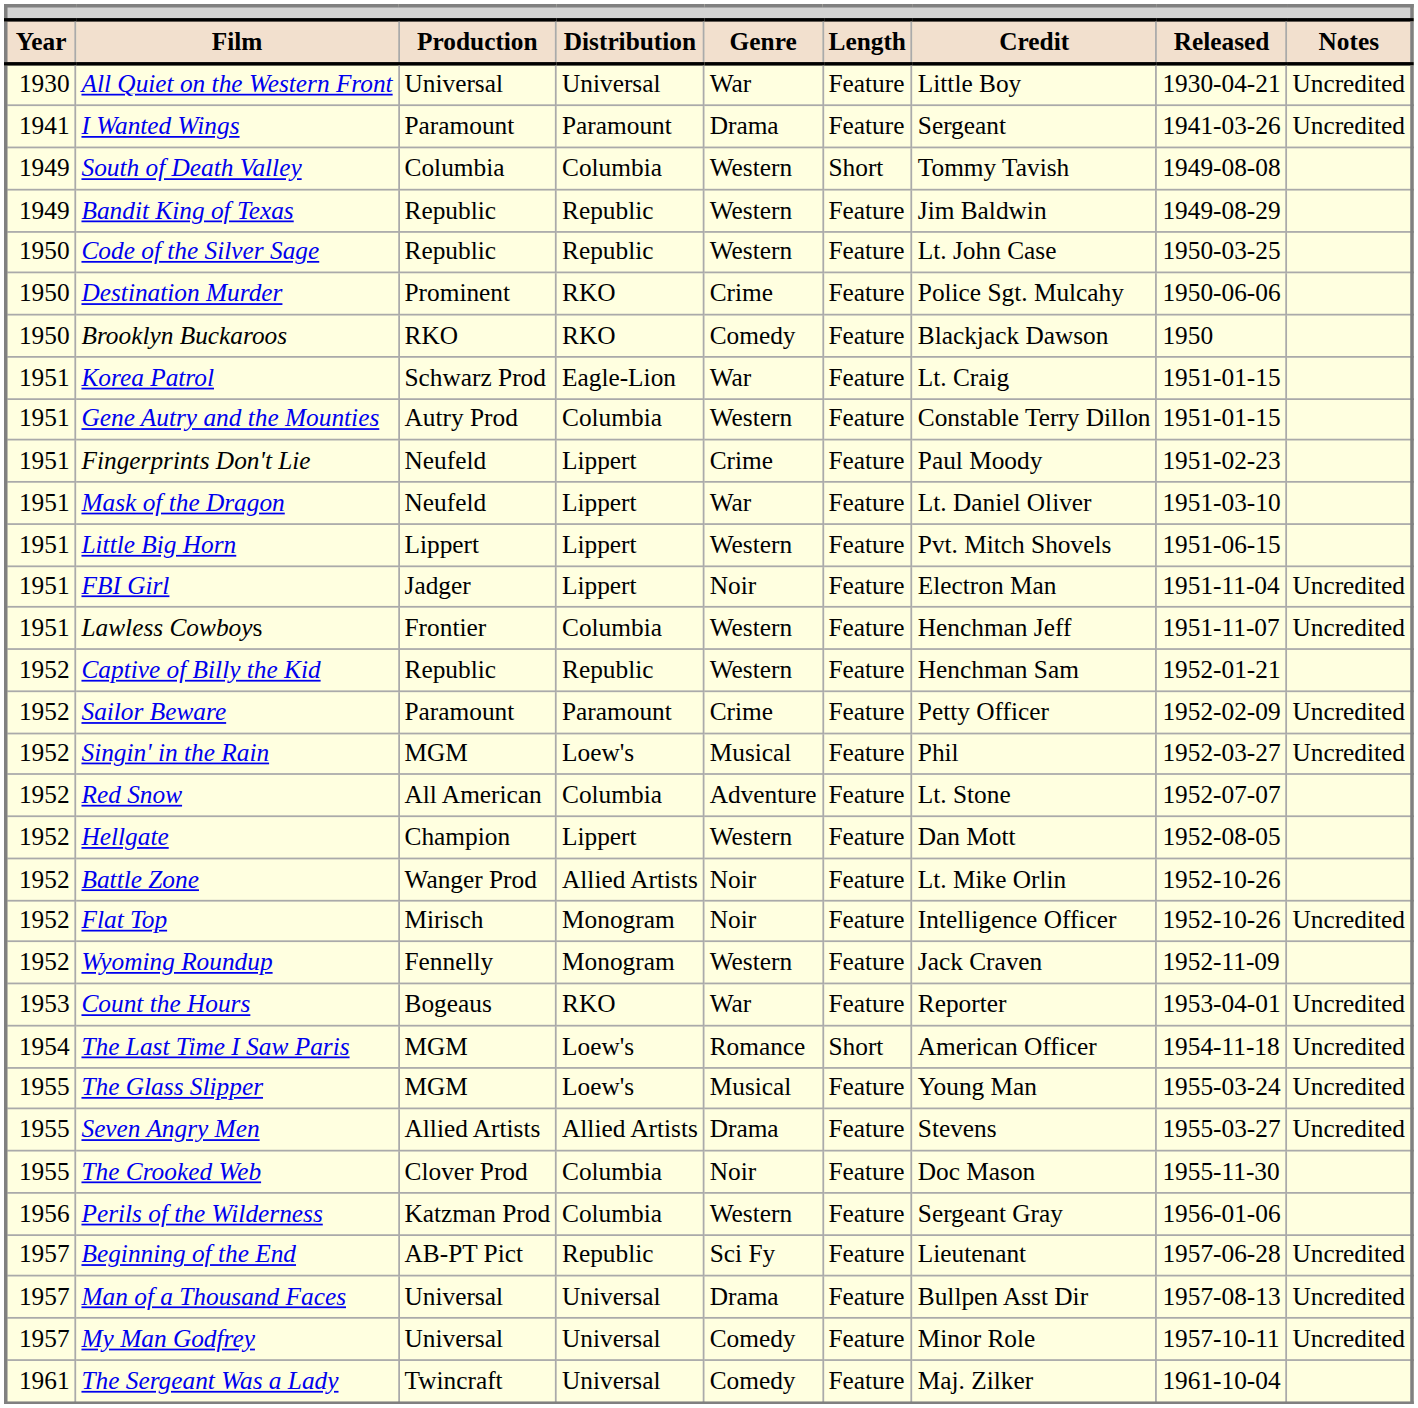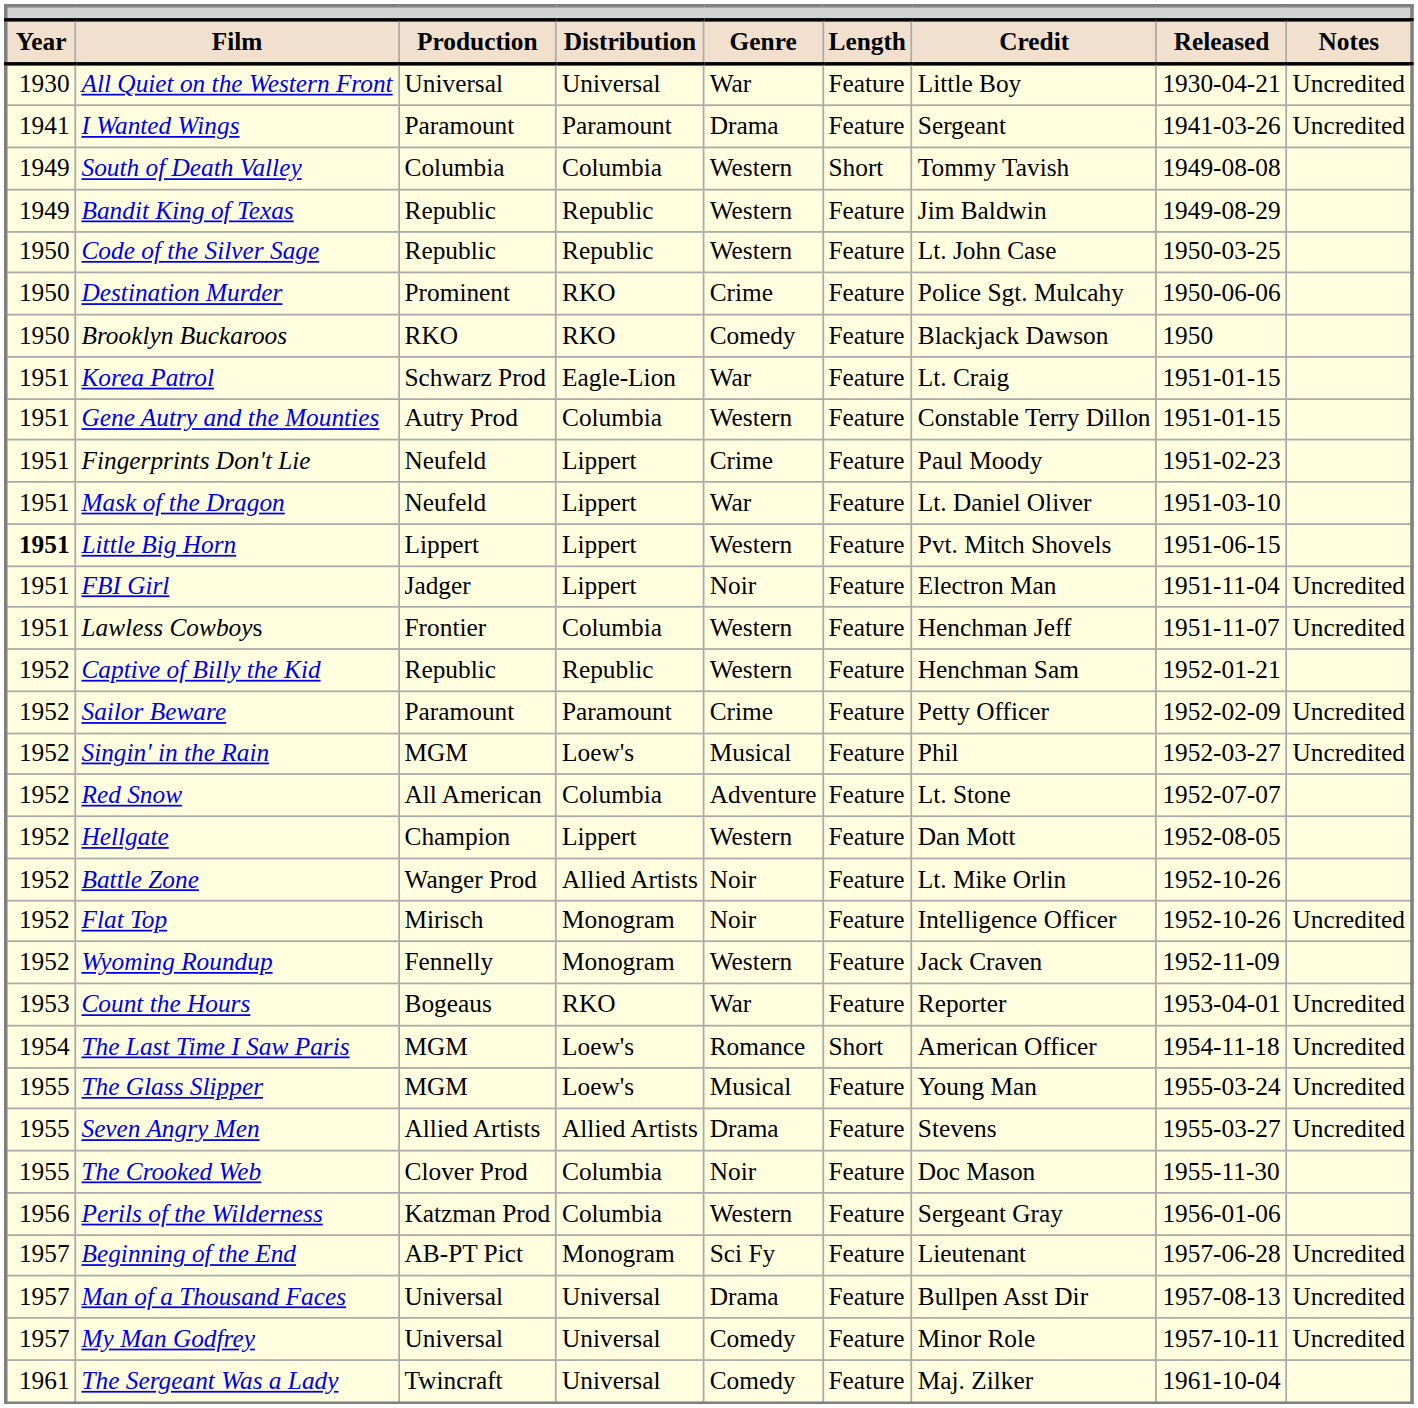 <table class="wikitable sortable mw-collapsible mw-collapsed" style="background:lightyellow; border:2px solid gray;font-size:90%">
 <tr>
 <th colspan="18" style="border:1px solid #808080;background:lightgrey;"></th>
 </tr>
 <tr>
 <th style="border-bottom:2px solid black;border-top:2px solid black;background:#F2E0CE">Year</th>
 <th style="border-bottom:2px solid black;border-top:2px solid black;background:#F2E0CE" class="unsortable">Film</th>
 <th style="border-bottom:2px solid black;border-top:2px solid black;background:#F2E0CE">Production</th>
 <th style="border-bottom:2px solid black;border-top:2px solid black;background:#F2E0CE">Distribution</th>
 <th style="border-bottom:2px solid black;border-top:2px solid black;background:#F2E0CE">Genre</th>
 <th style="border-bottom:2px solid black;border-top:2px solid black;background:#F2E0CE" class="unsortable">Length</th>
 <th style="border-bottom:2px solid black;border-top:2px solid black;background:#F2E0CE" class="unsortable">Credit</th>
 <th style="border-bottom:2px solid black;border-top:2px solid black;background:#F2E0CE">Released</th>
 <th style="border-bottom:2px solid black;border-top:2px solid black;background:#F2E0CE">Notes</th>
 </tr>
 <tr>
 <td> 1930</td>
 <td><em><a href='#'>All Quiet on the Western Front</a></em></td>
 <td>Universal</td>
 <td>Universal</td>
 <td>War</td>
 <td>Feature</td>
 <td>Little Boy</td>
 <td>1930-04-21</td>
 <td>Uncredited</td>
 </tr>
 <tr>
 <td> 1941</td>
 <td><em><a href='#'>I Wanted Wings</a></em></td>
 <td>Paramount</td>
 <td>Paramount</td>
 <td>Drama</td>
 <td>Feature</td>
 <td>Sergeant</td>
 <td>1941-03-26</td>
 <td>Uncredited</td>
 </tr>
 <tr>
 <td> 1949</td>
 <td><em><a href='#'>South of Death Valley</a></em></td>
 <td>Columbia</td>
 <td>Columbia</td>
 <td>Western</td>
 <td>Short</td>
 <td>Tommy Tavish</td>
 <td>1949-08-08</td>
 <td></td>
 </tr>
 <tr>
 <td> 1949</td>
 <td><em><a href='#'>Bandit King of Texas</a></em></td>
 <td>Republic</td>
 <td>Republic</td>
 <td>Western</td>
 <td>Feature</td>
 <td>Jim Baldwin</td>
 <td>1949-08-29</td>
 <td></td>
 </tr>
 <tr>
 <td> 1950</td>
 <td><em><a href='#'>Code of the Silver Sage</a></em></td>
 <td>Republic</td>
 <td>Republic</td>
 <td>Western</td>
 <td>Feature</td>
 <td>Lt. John Case</td>
 <td>1950-03-25</td>
 <td></td>
 </tr>
 <tr>
 <td> 1950</td>
 <td><em><a href='#'>Destination Murder</a></em></td>
 <td>Prominent</td>
 <td>RKO</td>
 <td>Crime</td>
 <td>Feature</td>
 <td>Police Sgt. Mulcahy</td>
 <td>1950-06-06</td>
 <td></td>
 </tr>
 <tr>
 <td> 1950</td>
 <td><em>Brooklyn Buckaroos</em></td>
 <td>RKO</td>
 <td>RKO</td>
 <td>Comedy</td>
 <td>Feature</td>
 <td>Blackjack Dawson</td>
 <td>1950</td>
 <td></td>
 </tr>
 <tr>
 <td> 1951</td>
 <td><em><a href='#'>Korea Patrol</a></em></td>
 <td>Schwarz Prod</td>
 <td>Eagle-Lion</td>
 <td>War</td>
 <td>Feature</td>
 <td>Lt. Craig</td>
 <td>1951-01-15</td>
 <td></td>
 </tr>
 <tr>
 <td> 1951</td>
 <td><em><a href='#'>Gene Autry and the Mounties</a></em></td>
 <td>Autry Prod</td>
 <td>Columbia</td>
 <td>Western</td>
 <td>Feature</td>
 <td>Constable Terry Dillon</td>
 <td>1951-01-15</td>
 <td></td>
 </tr>
 <tr>
 <td> 1951</td>
 <td><em>Fingerprints Don't Lie</em></td>
 <td>Neufeld</td>
 <td>Lippert</td>
 <td>Crime</td>
 <td>Feature</td>
 <td>Paul Moody</td>
 <td>1951-02-23</td>
 <td></td>
 </tr>
 <tr>
 <td> 1951</td>
 <td><em><a href='#'>Mask of the Dragon</a></em></td>
 <td>Neufeld</td>
 <td>Lippert</td>
 <td>War</td>
 <td>Feature</td>
 <td>Lt. Daniel Oliver</td>
 <td>1951-03-10</td>
 <td></td>
 </tr>
 <tr>
-<td> 1951</td>
+<td><strong> 1951</strong></td>
 <td><em><a href='#'>Little Big Horn</a></em></td>
 <td>Lippert</td>
 <td>Lippert</td>
 <td>Western</td>
 <td>Feature</td>
 <td>Pvt. Mitch Shovels</td>
 <td>1951-06-15</td>
 <td></td>
 </tr>
 <tr>
 <td> 1951</td>
 <td><em><a href='#'>FBI Girl</a></em></td>
 <td>Jadger</td>
 <td>Lippert</td>
 <td>Noir</td>
 <td>Feature</td>
 <td>Electron Man</td>
 <td>1951-11-04</td>
 <td>Uncredited</td>
 </tr>
 <tr>
 <td> 1951</td>
 <td><em>Lawless Cowboy</em>s</td>
 <td>Frontier</td>
 <td>Columbia</td>
 <td>Western</td>
 <td>Feature</td>
 <td>Henchman Jeff</td>
 <td>1951-11-07</td>
 <td>Uncredited</td>
 </tr>
 <tr>
 <td> 1952</td>
 <td><em><a href='#'>Captive of Billy the Kid</a></em></td>
 <td>Republic</td>
 <td>Republic</td>
 <td>Western</td>
 <td>Feature</td>
 <td>Henchman Sam</td>
 <td>1952-01-21</td>
 <td></td>
 </tr>
 <tr>
 <td> 1952</td>
 <td><em><a href='#'>Sailor Beware</a></em></td>
 <td>Paramount</td>
 <td>Paramount</td>
 <td>Crime</td>
 <td>Feature</td>
 <td>Petty Officer</td>
 <td>1952-02-09</td>
 <td>Uncredited</td>
 </tr>
 <tr>
 <td> 1952</td>
 <td><em><a href='#'>Singin' in the Rain</a></em></td>
 <td>MGM</td>
 <td>Loew's</td>
 <td>Musical</td>
 <td>Feature</td>
 <td>Phil</td>
 <td>1952-03-27</td>
 <td>Uncredited</td>
 </tr>
 <tr>
 <td> 1952</td>
 <td><em><a href='#'>Red Snow</a></em></td>
 <td>All American</td>
 <td>Columbia</td>
 <td>Adventure</td>
 <td>Feature</td>
 <td>Lt. Stone</td>
 <td>1952-07-07</td>
 <td></td>
 </tr>
 <tr>
 <td> 1952</td>
 <td><em><a href='#'>Hellgate</a></em></td>
 <td>Champion</td>
 <td>Lippert</td>
 <td>Western</td>
 <td>Feature</td>
 <td>Dan Mott</td>
 <td>1952-08-05</td>
 <td></td>
 </tr>
 <tr>
 <td> 1952</td>
 <td><em><a href='#'>Battle Zone</a></em></td>
 <td>Wanger Prod</td>
 <td>Allied Artists</td>
 <td>Noir</td>
 <td>Feature</td>
 <td>Lt. Mike Orlin</td>
 <td>1952-10-26</td>
 <td></td>
 </tr>
 <tr>
 <td> 1952</td>
 <td><em><a href='#'>Flat Top</a></em></td>
 <td>Mirisch</td>
 <td>Monogram</td>
 <td>Noir</td>
 <td>Feature</td>
 <td>Intelligence Officer</td>
 <td>1952-10-26</td>
 <td>Uncredited</td>
 </tr>
 <tr>
 <td> 1952</td>
 <td><em><a href='#'>Wyoming Roundup</a></em></td>
 <td>Fennelly</td>
 <td>Monogram</td>
 <td>Western</td>
 <td>Feature</td>
 <td>Jack Craven</td>
 <td>1952-11-09</td>
 <td></td>
 </tr>
 <tr>
 <td> 1953</td>
 <td><em><a href='#'>Count the Hours</a></em></td>
 <td>Bogeaus</td>
 <td>RKO</td>
 <td>War</td>
 <td>Feature</td>
 <td>Reporter</td>
 <td>1953-04-01</td>
 <td>Uncredited</td>
 </tr>
 <tr>
 <td> 1954</td>
 <td><em><a href='#'>The Last Time I Saw Paris</a></em></td>
 <td>MGM</td>
 <td>Loew's</td>
 <td>Romance</td>
 <td>Short</td>
 <td>American Officer</td>
 <td>1954-11-18</td>
 <td>Uncredited</td>
 </tr>
 <tr>
 <td> 1955</td>
 <td><em><a href='#'>The Glass Slipper</a></em></td>
 <td>MGM</td>
 <td>Loew's</td>
 <td>Musical</td>
 <td>Feature</td>
 <td>Young Man</td>
 <td>1955-03-24</td>
 <td>Uncredited</td>
 </tr>
 <tr>
 <td> 1955</td>
 <td><em><a href='#'>Seven Angry Men</a></em></td>
 <td>Allied Artists</td>
 <td>Allied Artists</td>
 <td>Drama</td>
 <td>Feature</td>
 <td>Stevens</td>
 <td>1955-03-27</td>
 <td>Uncredited</td>
 </tr>
 <tr>
 <td> 1955</td>
 <td><em><a href='#'>The Crooked Web</a></em></td>
 <td>Clover Prod</td>
 <td>Columbia</td>
 <td>Noir</td>
 <td>Feature</td>
 <td>Doc Mason</td>
 <td>1955-11-30</td>
 <td></td>
 </tr>
 <tr>
 <td> 1956</td>
 <td><em><a href='#'>Perils of the Wilderness</a></em></td>
 <td>Katzman Prod</td>
 <td>Columbia</td>
 <td>Western</td>
 <td>Feature</td>
 <td>Sergeant Gray</td>
 <td>1956-01-06</td>
 <td></td>
 </tr>
 <tr>
 <td> 1957</td>
 <td><em><a href='#'>Beginning of the End</a></em></td>
 <td>AB-PT Pict</td>
-<td>Republic</td>
+<td>Monogram</td>
 <td>Sci Fy</td>
 <td>Feature</td>
 <td>Lieutenant</td>
 <td>1957-06-28</td>
 <td>Uncredited</td>
 </tr>
 <tr>
 <td> 1957</td>
 <td><em><a href='#'>Man of a Thousand Faces</a></em></td>
 <td>Universal</td>
 <td>Universal</td>
 <td>Drama</td>
 <td>Feature</td>
 <td>Bullpen Asst Dir</td>
 <td>1957-08-13</td>
 <td>Uncredited</td>
 </tr>
 <tr>
 <td> 1957</td>
 <td><em><a href='#'>My Man Godfrey</a></em></td>
 <td>Universal</td>
 <td>Universal</td>
 <td>Comedy</td>
 <td>Feature</td>
 <td>Minor Role</td>
 <td>1957-10-11</td>
 <td>Uncredited</td>
 </tr>
 <tr>
 <td> 1961</td>
 <td><em><a href='#'>The Sergeant Was a Lady</a></em></td>
 <td>Twincraft</td>
 <td>Universal</td>
 <td>Comedy</td>
 <td>Feature</td>
 <td>Maj. Zilker</td>
 <td>1961-10-04</td>
 <td></td>
 </tr>
 </table>
